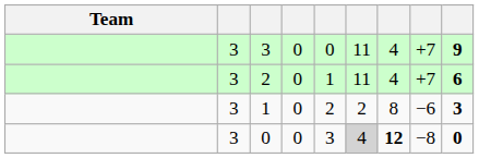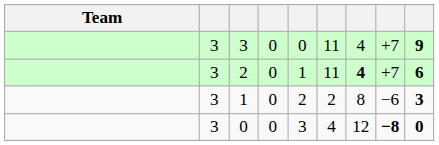 <table class="wikitable" style="text-align: center;">
 <tr>
 <th width="175">Team</th>
 <th width="20"></th>
 <th width="20"></th>
 <th width="20"></th>
 <th width="20"></th>
 <th width="20"></th>
 <th width="20"></th>
 <th width="20"></th>
 <th width="20"></th>
 </tr>
 <tr style="background:#ccffcc;">
 <td align=left></td>
 <td>3</td>
 <td>3</td>
 <td>0</td>
 <td>0</td>
 <td>11</td>
 <td>4</td>
 <td>+7</td>
 <td><strong>9</strong></td>
 </tr>
 <tr style="background:#ccffcc;">
 <td align=left></td>
 <td>3</td>
 <td>2</td>
 <td>0</td>
 <td>1</td>
 <td>11</td>
-<td>4</td>
+<td><strong>4</strong></td>
 <td>+7</td>
 <td><strong>6</strong></td>
 </tr>
 <tr>
 <td align=left></td>
 <td>3</td>
 <td>1</td>
 <td>0</td>
 <td>2</td>
 <td>2</td>
 <td>8</td>
 <td>−6</td>
 <td><strong>3</strong></td>
 </tr>
 <tr>
 <td align=left></td>
 <td>3</td>
 <td>0</td>
 <td>0</td>
 <td>3</td>
-<td style="background: lightgrey;">4</td>
-<td><strong>12</strong></td>
-<td>−8</td>
+<td>4</td>
+<td>12</td>
+<td><strong>−8</strong></td>
 <td><strong>0</strong></td>
 </tr>
 </table>
